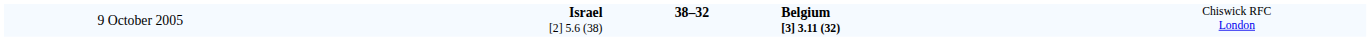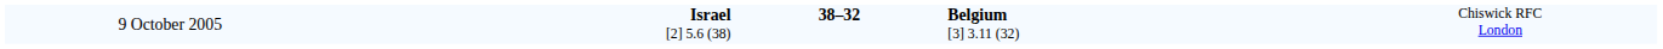 <table style="width: 100%; background:#F5FAFF;" cellspacing="0">
 <tr>
 <td align=center rowspan=3 width=20%>9 October 2005</td>
 </tr>
 <tr>
 <td width=24% align=right><strong>Israel</strong></td>
 <td align=center width=13%><strong>38–32</strong></td>
 <td width=24%><strong>Belgium</strong></td>
 <td style=font-size:85% rowspan=3 valign=top align=center>Chiswick RFC<br><a href='#'>London</a></td>
 </tr>
 <tr style=font-size:85%>
 <td align=right>[2] 5.6 (38)</td>
 <td></td>
-<td><strong>[3] 3.11 (32)</strong></td>
+<td>[3] 3.11 (32)</td>
 </tr>
 </table>
